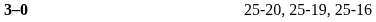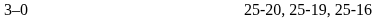 <table>
 <tr>
 <th width=190></th>
 <th width=60></th>
 <th width=190></th>
 <th width=200></th>
 </tr>
 <tr>
 <td align=right><strong></strong></td>
-<td align=center><strong>3–0</strong></td>
+<td align=center>3–0</td>
 <td></td>
 <td>25-20, 25-19, 25-16</td>
 </tr>
 </table>
